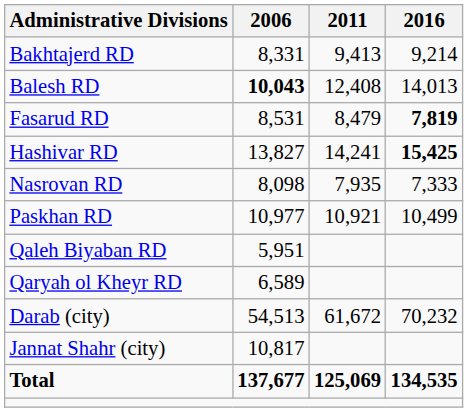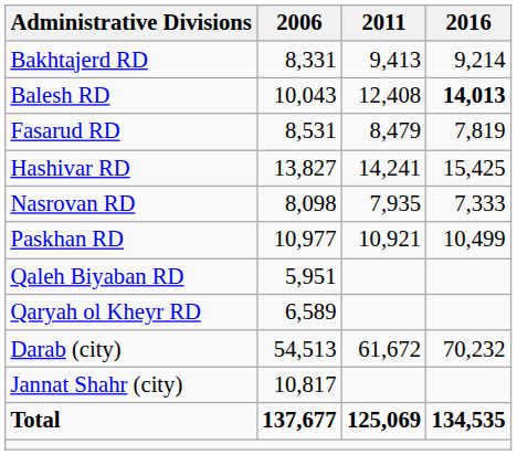 <table class="wikitable">
 <tr>
 <th>Administrative Divisions</th>
 <th>2006</th>
 <th>2011</th>
 <th>2016</th>
 </tr>
 <tr>
 <td><a href='#'>Bakhtajerd RD</a></td>
 <td style="text-align: right;">8,331</td>
 <td style="text-align: right;">9,413</td>
 <td style="text-align: right;">9,214</td>
 </tr>
 <tr>
 <td><a href='#'>Balesh RD</a></td>
-<td style="text-align: right;"><strong>10,043</strong></td>
+<td style="text-align: right;">10,043</td>
 <td style="text-align: right;">12,408</td>
-<td style="text-align: right;">14,013</td>
+<td style="text-align: right;"><strong>14,013</strong></td>
 </tr>
 <tr>
 <td><a href='#'>Fasarud RD</a></td>
 <td style="text-align: right;">8,531</td>
 <td style="text-align: right;">8,479</td>
-<td style="text-align: right;"><strong>7,819</strong></td>
+<td style="text-align: right;">7,819</td>
 </tr>
 <tr>
 <td><a href='#'>Hashivar RD</a></td>
 <td style="text-align: right;">13,827</td>
 <td style="text-align: right;">14,241</td>
-<td style="text-align: right;"><strong>15,425</strong></td>
+<td style="text-align: right;">15,425</td>
 </tr>
 <tr>
 <td><a href='#'>Nasrovan RD</a></td>
 <td style="text-align: right;">8,098</td>
 <td style="text-align: right;">7,935</td>
 <td style="text-align: right;">7,333</td>
 </tr>
 <tr>
 <td><a href='#'>Paskhan RD</a></td>
 <td style="text-align: right;">10,977</td>
 <td style="text-align: right;">10,921</td>
 <td style="text-align: right;">10,499</td>
 </tr>
 <tr>
 <td><a href='#'>Qaleh Biyaban RD</a></td>
 <td style="text-align: right;">5,951</td>
 <td style="text-align: right;"></td>
 <td style="text-align: right;"></td>
 </tr>
 <tr>
 <td><a href='#'>Qaryah ol Kheyr RD</a></td>
 <td style="text-align: right;">6,589</td>
 <td style="text-align: right;"></td>
 <td style="text-align: right;"></td>
 </tr>
 <tr>
 <td><a href='#'>Darab</a> (city)</td>
 <td style="text-align: right;">54,513</td>
 <td style="text-align: right;">61,672</td>
 <td style="text-align: right;">70,232</td>
 </tr>
 <tr>
 <td><a href='#'>Jannat Shahr</a> (city)</td>
 <td style="text-align: right;">10,817</td>
 <td style="text-align: right;"></td>
 <td style="text-align: right;"></td>
 </tr>
 <tr>
 <td><strong>Total</strong></td>
 <td style="text-align: right;"><strong>137,677</strong></td>
 <td style="text-align: right;"><strong>125,069</strong></td>
 <td style="text-align: right;"><strong>134,535</strong></td>
 </tr>
 <tr>
 <td colspan=4></td>
 </tr>
 </table>
